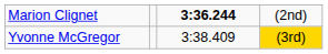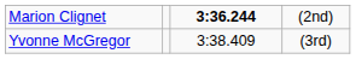 <table class="wikitable" style="text-align:center;">
 <tr>
 <td style="width:10em" align=left><a href='#'>Marion Clignet</a></td>
 <td></td>
 <td style="width:7em;"><strong>3:36.244</strong></td>
 <td style="width:4em;">(2nd)</td>
 </tr>
 <tr>
 <td align=left><a href='#'>Yvonne McGregor</a></td>
 <td></td>
 <td>3:38.409</td>
-<td style="background: gold;">(3rd)</td>
+<td>(3rd)</td>
 </tr>
 </table>
